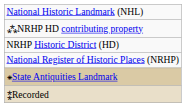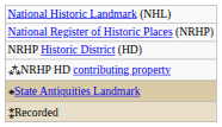 <table class="wikitable">
 <tr>
 <td><a href='#'>National Historic Landmark</a> (NHL)</td>
 </tr>
 <tr>
-<td>⁂NRHP HD <a href='#'>contributing property</a></td>
+<td><a href='#'>National Register of Historic Places</a> (NRHP)</td>
 </tr>
 <tr>
 <td>NRHP <a href='#'>Historic District</a> (HD)</td>
 </tr>
 <tr>
-<td><a href='#'>National Register of Historic Places</a> (NRHP)</td>
+<td>⁂NRHP HD <a href='#'>contributing property</a></td>
 </tr>
 <tr>
 <td style="background:#DACAA5">⁕<a href='#'>State Antiquities Landmark</a></td>
 </tr>
 <tr>
 <td style="background:#E9DFC9">⁑Recorded </td>
 </tr>
 </table>
